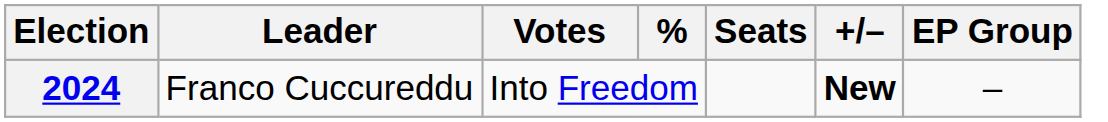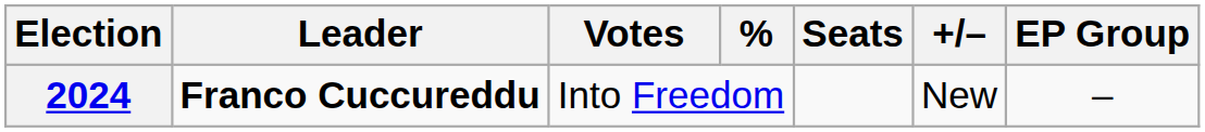 <table class="wikitable" style="text-align:center">
 <tr>
 <th>Election</th>
 <th>Leader</th>
 <th>Votes</th>
 <th>%</th>
 <th>Seats</th>
 <th>+/–</th>
 <th>EP Group</th>
 </tr>
 <tr>
 <th><a href='#'>2024</a></th>
-<td>Franco Cuccureddu</td>
+<td><strong>Franco Cuccureddu</strong></td>
 <td colspan="2">Into <a href='#'>Freedom</a></td>
 <td></td>
-<td><strong>New</strong></td>
+<td>New</td>
 <td>–</td>
 </tr>
 </table>
